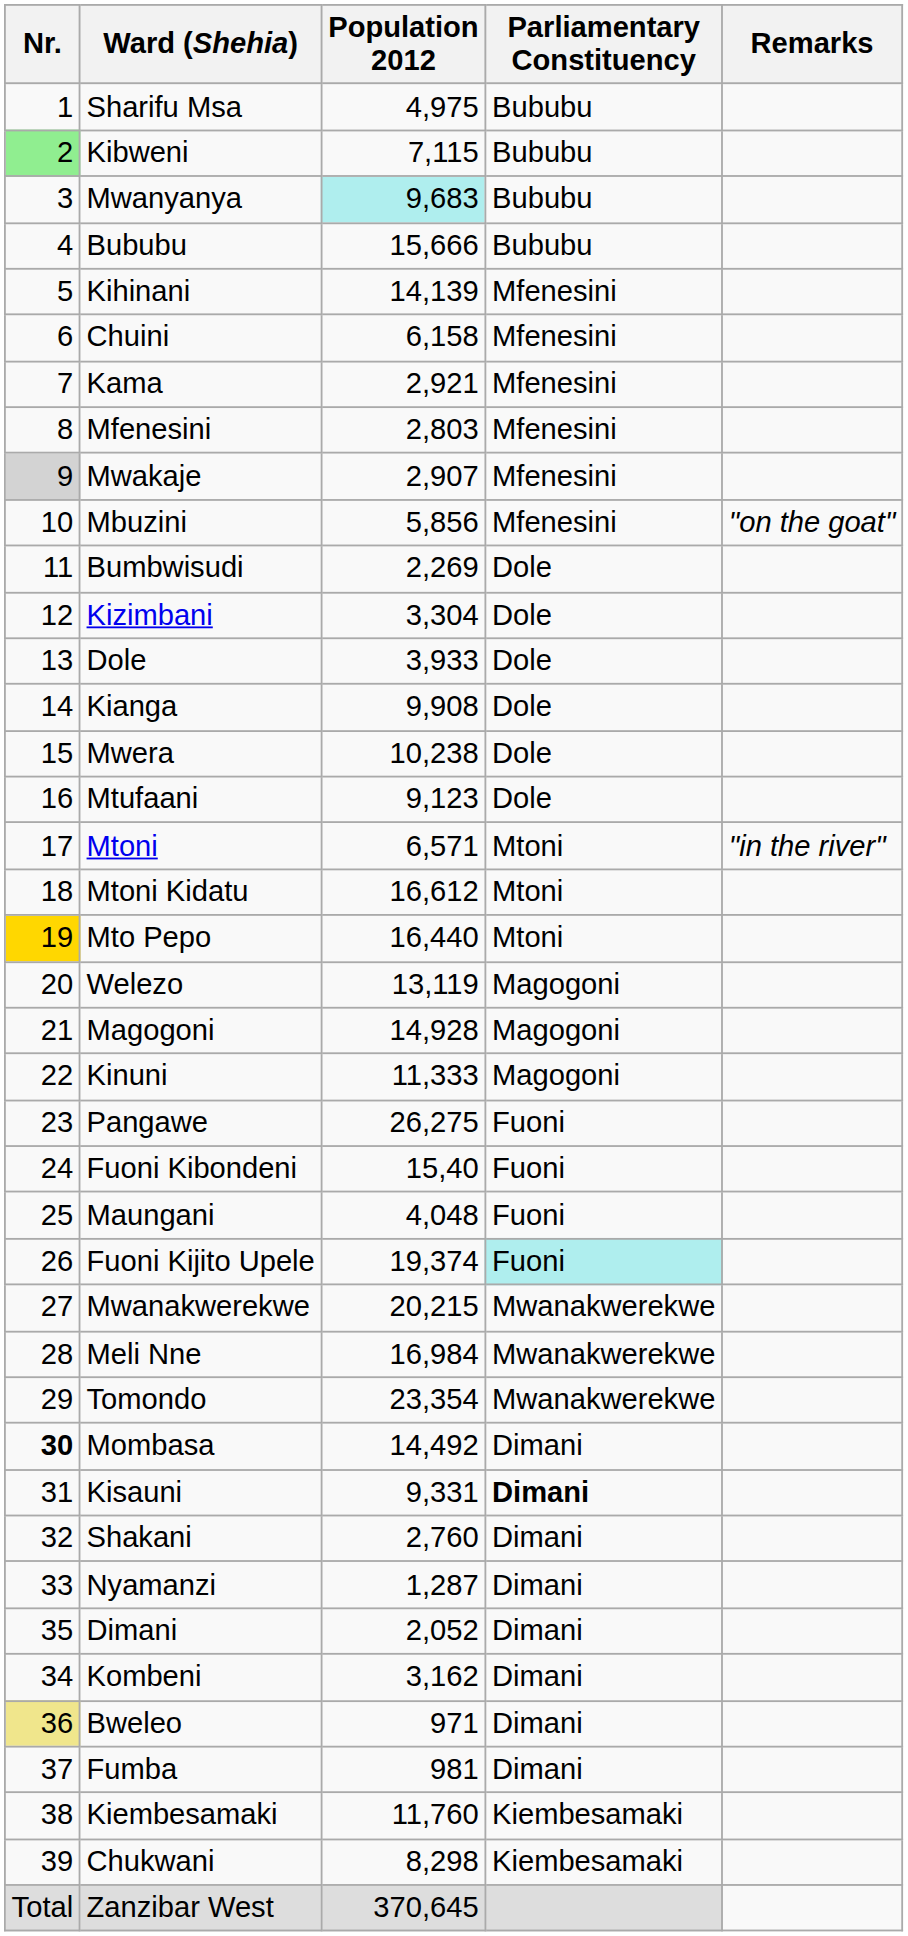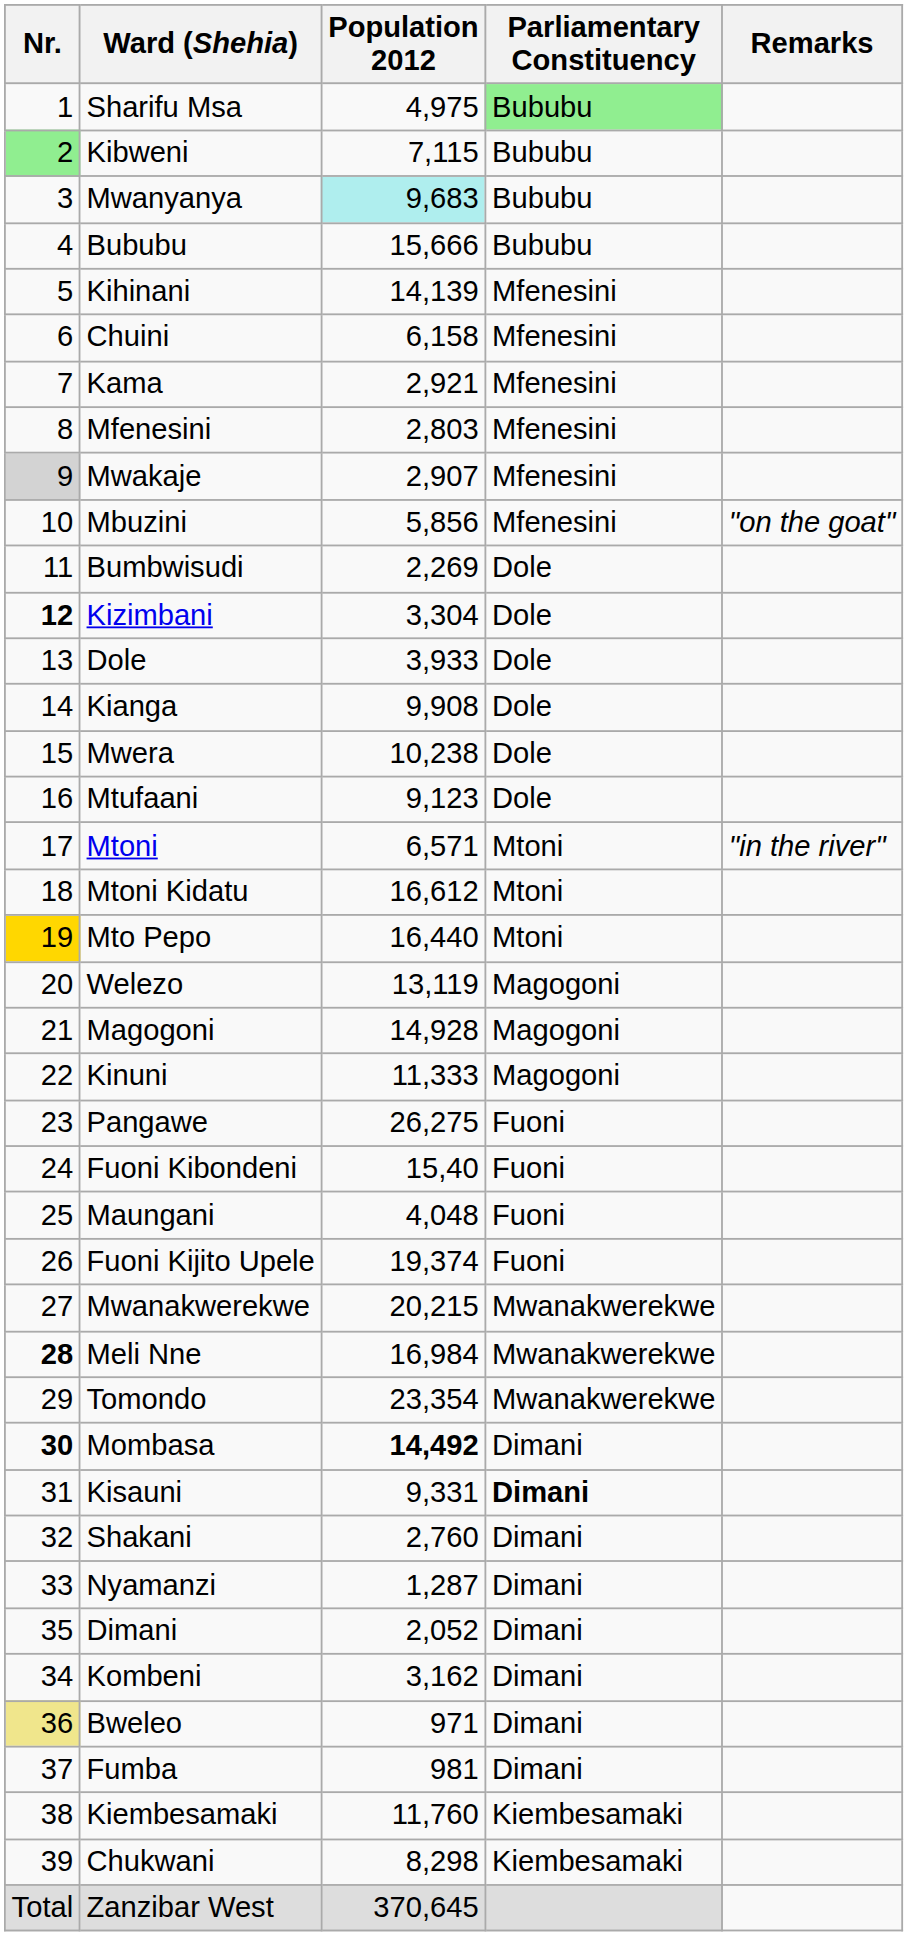 <table class="wikitable sortable">
 <tr style="background: #CCC;">
 <th align ="right">Nr.</th>
 <th align ="left">Ward (<em>Shehia</em>)</th>
 <th align="right">Population<br>2012</th>
 <th>Parliamentary <br> Constituency</th>
 <th>Remarks</th>
 </tr>
 <tr>
 <td align="right">1</td>
 <td>Sharifu Msa</td>
 <td align="right">4,975</td>
-<td>Bububu</td>
+<td style="background: lightgreen;">Bububu</td>
 <td></td>
 </tr>
 <tr>
 <td align="right" style="background: lightgreen;">2</td>
 <td>Kibweni</td>
 <td align="right">7,115</td>
 <td>Bububu</td>
 <td></td>
 </tr>
 <tr>
 <td align="right">3</td>
 <td>Mwanyanya</td>
 <td align="right" style="background: paleturquoise;">9,683</td>
 <td>Bububu</td>
 <td></td>
 </tr>
 <tr>
 <td align="right">4</td>
 <td>Bububu</td>
 <td align="right">15,666</td>
 <td>Bububu</td>
 <td></td>
 </tr>
 <tr>
 <td align="right">5</td>
 <td>Kihinani</td>
 <td align="right">14,139</td>
 <td>Mfenesini</td>
 <td></td>
 </tr>
 <tr>
 <td align="right">6</td>
 <td>Chuini</td>
 <td align="right">6,158</td>
 <td>Mfenesini</td>
 <td></td>
 </tr>
 <tr>
 <td align="right">7</td>
 <td>Kama</td>
 <td align="right">2,921</td>
 <td>Mfenesini</td>
 <td></td>
 </tr>
 <tr>
 <td align="right">8</td>
 <td>Mfenesini</td>
 <td align="right">2,803</td>
 <td>Mfenesini</td>
 <td></td>
 </tr>
 <tr>
 <td align="right" style="background: lightgrey;">9</td>
 <td>Mwakaje</td>
 <td align="right">2,907</td>
 <td>Mfenesini</td>
 <td></td>
 </tr>
 <tr>
 <td align="right">10</td>
 <td>Mbuzini</td>
 <td align="right">5,856</td>
 <td>Mfenesini</td>
 <td><em>"on the goat"</em></td>
 </tr>
 <tr>
 <td align="right">11</td>
 <td>Bumbwisudi</td>
 <td align="right">2,269</td>
 <td>Dole</td>
 <td></td>
 </tr>
 <tr>
-<td align="right">12</td>
+<td align="right"><strong>12</strong></td>
 <td><a href='#'>Kizimbani</a></td>
 <td align="right">3,304</td>
 <td>Dole</td>
 <td></td>
 </tr>
 <tr>
 <td align="right">13</td>
 <td>Dole</td>
 <td align="right">3,933</td>
 <td>Dole</td>
 <td></td>
 </tr>
 <tr>
 <td align="right">14</td>
 <td>Kianga</td>
 <td align="right">9,908</td>
 <td>Dole</td>
 <td></td>
 </tr>
 <tr>
 <td align="right">15</td>
 <td>Mwera</td>
 <td align="right">10,238</td>
 <td>Dole</td>
 <td></td>
 </tr>
 <tr>
 <td align="right">16</td>
 <td>Mtufaani</td>
 <td align="right">9,123</td>
 <td>Dole</td>
 <td></td>
 </tr>
 <tr>
 <td align="right">17</td>
 <td><a href='#'>Mtoni</a></td>
 <td align="right">6,571</td>
 <td>Mtoni</td>
 <td><em>"in the river"</em></td>
 </tr>
 <tr>
 <td align="right">18</td>
 <td>Mtoni Kidatu</td>
 <td align="right">16,612</td>
 <td>Mtoni</td>
 <td></td>
 </tr>
 <tr>
 <td align="right" style="background: gold;">19</td>
 <td>Mto Pepo</td>
 <td align="right">16,440</td>
 <td>Mtoni</td>
 <td></td>
 </tr>
 <tr>
 <td align="right">20</td>
 <td>Welezo</td>
 <td align="right">13,119</td>
 <td>Magogoni</td>
 <td></td>
 </tr>
 <tr>
 <td align="right">21</td>
 <td>Magogoni</td>
 <td align="right">14,928</td>
 <td>Magogoni</td>
 <td></td>
 </tr>
 <tr>
 <td align="right">22</td>
 <td>Kinuni</td>
 <td align="right">11,333</td>
 <td>Magogoni</td>
 <td></td>
 </tr>
 <tr>
 <td align="right">23</td>
 <td>Pangawe</td>
 <td align="right">26,275</td>
 <td>Fuoni</td>
 <td></td>
 </tr>
 <tr>
 <td align="right">24</td>
 <td>Fuoni Kibondeni</td>
 <td align="right">15,40</td>
 <td>Fuoni</td>
 <td></td>
 </tr>
 <tr>
 <td align="right">25</td>
 <td>Maungani</td>
 <td align="right">4,048</td>
 <td>Fuoni</td>
 <td></td>
 </tr>
 <tr>
 <td align="right">26</td>
 <td>Fuoni Kijito Upele</td>
 <td align="right">19,374</td>
-<td style="background: paleturquoise;">Fuoni</td>
+<td>Fuoni</td>
 <td></td>
 </tr>
 <tr>
 <td align="right">27</td>
 <td>Mwanakwerekwe</td>
 <td align="right">20,215</td>
 <td>Mwanakwerekwe</td>
 <td></td>
 </tr>
 <tr>
-<td align="right">28</td>
+<td align="right"><strong>28</strong></td>
 <td>Meli Nne</td>
 <td align="right">16,984</td>
 <td>Mwanakwerekwe</td>
 <td></td>
 </tr>
 <tr>
 <td align="right">29</td>
 <td>Tomondo</td>
 <td align="right">23,354</td>
 <td>Mwanakwerekwe</td>
 <td></td>
 </tr>
 <tr>
 <td align="right"><strong>30</strong></td>
 <td>Mombasa</td>
-<td align="right">14,492</td>
+<td align="right"><strong>14,492</strong></td>
 <td>Dimani</td>
 <td></td>
 </tr>
 <tr>
 <td align="right">31</td>
 <td>Kisauni</td>
 <td align="right">9,331</td>
 <td><strong>Dimani</strong></td>
 <td></td>
 </tr>
 <tr>
 <td align="right">32</td>
 <td>Shakani</td>
 <td align="right">2,760</td>
 <td>Dimani</td>
 <td></td>
 </tr>
 <tr>
 <td align="right">33</td>
 <td>Nyamanzi</td>
 <td align="right">1,287</td>
 <td>Dimani</td>
 <td></td>
 </tr>
 <tr>
 <td align="right">35</td>
 <td>Dimani</td>
 <td align="right">2,052</td>
 <td>Dimani</td>
 <td></td>
 </tr>
 <tr>
 <td align="right">34</td>
 <td>Kombeni</td>
 <td align="right">3,162</td>
 <td>Dimani</td>
 <td></td>
 </tr>
 <tr>
 <td align="right" style="background: khaki;">36</td>
 <td>Bweleo</td>
 <td align="right">971</td>
 <td>Dimani</td>
 <td></td>
 </tr>
 <tr>
 <td align="right">37</td>
 <td>Fumba</td>
 <td align="right">981</td>
 <td>Dimani</td>
 <td></td>
 </tr>
 <tr>
 <td align="right">38</td>
 <td>Kiembesamaki</td>
 <td align="right">11,760</td>
 <td>Kiembesamaki</td>
 <td></td>
 </tr>
 <tr>
 <td align="right">39</td>
 <td>Chukwani</td>
 <td align="right">8,298</td>
 <td>Kiembesamaki</td>
 <td></td>
 </tr>
 <tr style="background: #DDD;" | class="sortbottom">
 <td align="right">Total</td>
 <td>Zanzibar West</td>
 <td align="right">370,645</td>
 <td> </td>
 </tr>
 </table>
